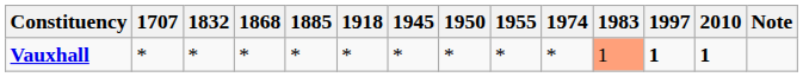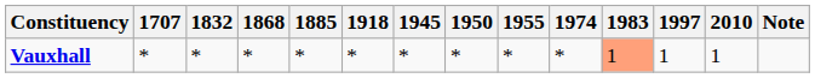 <table class="wikitable">
 <tr>
 <th>Constituency</th>
 <th>1707</th>
 <th>1832</th>
 <th>1868</th>
 <th>1885</th>
 <th>1918</th>
 <th>1945</th>
 <th>1950</th>
 <th>1955</th>
 <th>1974</th>
 <th>1983</th>
 <th>1997</th>
 <th>2010</th>
 <th>Note</th>
 </tr>
 <tr>
 <td><strong><a href='#'>Vauxhall</a></strong></td>
 <td>*</td>
 <td>*</td>
 <td>*</td>
 <td>*</td>
 <td>*</td>
 <td>*</td>
 <td>*</td>
 <td>*</td>
 <td>*</td>
 <td style="background: lightsalmon;">1</td>
-<td><strong>1</strong></td>
-<td><strong>1</strong></td>
+<td>1</td>
+<td>1</td>
 </tr>
 </table>
